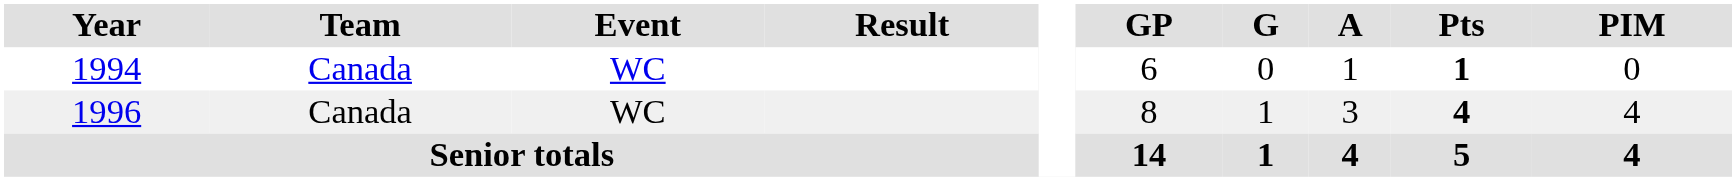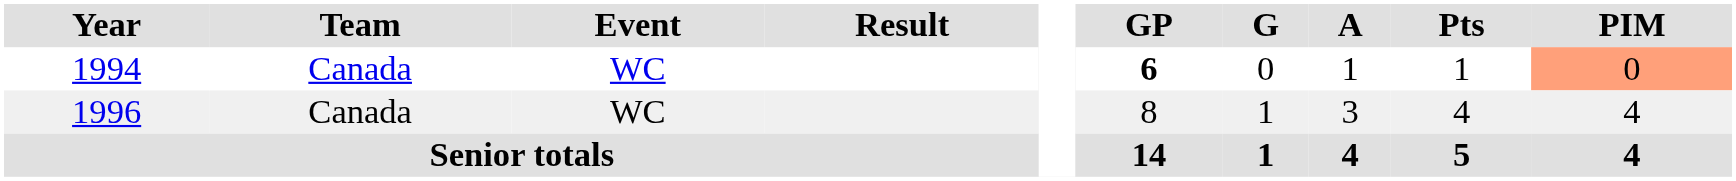 <table border="0" cellpadding="1" cellspacing="0" style="text-align:center; width:50em">
 <tr ALIGN="center" bgcolor="#e0e0e0">
 <th>Year</th>
 <th>Team</th>
 <th>Event</th>
 <th>Result</th>
 <th rowspan="99" bgcolor="#ffffff"> </th>
 <th>GP</th>
 <th>G</th>
 <th>A</th>
 <th>Pts</th>
 <th>PIM</th>
 </tr>
 <tr>
 <td><a href='#'>1994</a></td>
 <td><a href='#'>Canada</a></td>
 <td><a href='#'>WC</a></td>
 <td></td>
-<td>6</td>
+<td><strong>6</strong></td>
 <td>0</td>
 <td>1</td>
-<td><strong>1</strong></td>
-<td>0</td>
+<td>1</td>
+<td style="background: lightsalmon;">0</td>
 </tr>
 <tr bgcolor="#f0f0f0">
 <td><a href='#'>1996</a></td>
 <td>Canada</td>
 <td>WC</td>
 <td></td>
 <td>8</td>
 <td>1</td>
 <td>3</td>
-<td><strong>4</strong></td>
+<td>4</td>
 <td>4</td>
 </tr>
 <tr bgcolor="#e0e0e0">
 <th colspan=4>Senior totals</th>
 <th>14</th>
 <th>1</th>
 <th>4</th>
 <th>5</th>
 <th>4</th>
 </tr>
 </table>
